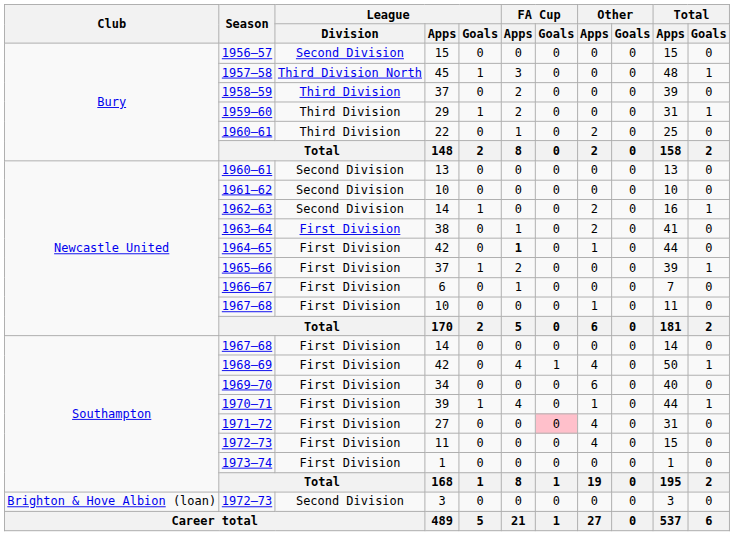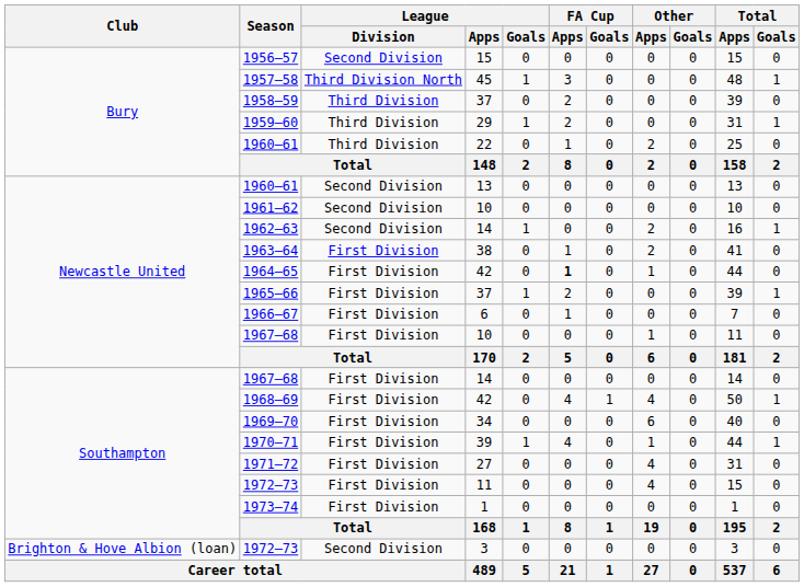 <table class="wikitable" style="text-align: center;">
 <tr>
 <th rowspan="2">Club</th>
 <th rowspan="2">Season</th>
 <th colspan="3">League</th>
 <th colspan="2">FA Cup</th>
 <th colspan="2">Other</th>
 <th colspan="2">Total</th>
 </tr>
 <tr>
 <th>Division</th>
 <th>Apps</th>
 <th>Goals</th>
 <th>Apps</th>
 <th>Goals</th>
 <th>Apps</th>
 <th>Goals</th>
 <th>Apps</th>
 <th>Goals</th>
 </tr>
 <tr>
 <td rowspan="6"><a href='#'>Bury</a></td>
 <td><a href='#'>1956–57</a></td>
 <td><a href='#'>Second Division</a></td>
 <td>15</td>
 <td>0</td>
 <td>0</td>
 <td>0</td>
 <td>0</td>
 <td>0</td>
 <td>15</td>
 <td>0</td>
 </tr>
 <tr>
 <td><a href='#'>1957–58</a></td>
 <td><a href='#'>Third Division North</a></td>
 <td>45</td>
 <td>1</td>
 <td>3</td>
 <td>0</td>
 <td>0</td>
 <td>0</td>
 <td>48</td>
 <td>1</td>
 </tr>
 <tr>
 <td><a href='#'>1958–59</a></td>
 <td><a href='#'>Third Division</a></td>
 <td>37</td>
 <td>0</td>
 <td>2</td>
 <td>0</td>
 <td>0</td>
 <td>0</td>
 <td>39</td>
 <td>0</td>
 </tr>
 <tr>
 <td><a href='#'>1959–60</a></td>
 <td>Third Division</td>
 <td>29</td>
 <td>1</td>
 <td>2</td>
 <td>0</td>
 <td>0</td>
 <td>0</td>
 <td>31</td>
 <td>1</td>
 </tr>
 <tr>
 <td><a href='#'>1960–61</a></td>
 <td>Third Division</td>
 <td>22</td>
 <td>0</td>
 <td>1</td>
 <td>0</td>
 <td>2</td>
 <td>0</td>
 <td>25</td>
 <td>0</td>
 </tr>
 <tr>
 <th colspan="2">Total</th>
 <th>148</th>
 <th>2</th>
 <th>8</th>
 <th>0</th>
 <th>2</th>
 <th>0</th>
 <th>158</th>
 <th>2</th>
 </tr>
 <tr>
 <td rowspan="9"><a href='#'>Newcastle United</a></td>
 <td><a href='#'>1960–61</a></td>
 <td>Second Division</td>
 <td>13</td>
 <td>0</td>
 <td>0</td>
 <td>0</td>
 <td>0</td>
 <td>0</td>
 <td>13</td>
 <td>0</td>
 </tr>
 <tr>
 <td><a href='#'>1961–62</a></td>
 <td>Second Division</td>
 <td>10</td>
 <td>0</td>
 <td>0</td>
 <td>0</td>
 <td>0</td>
 <td>0</td>
 <td>10</td>
 <td>0</td>
 </tr>
 <tr>
 <td><a href='#'>1962–63</a></td>
 <td>Second Division</td>
 <td>14</td>
 <td>1</td>
 <td>0</td>
 <td>0</td>
 <td>2</td>
 <td>0</td>
 <td>16</td>
 <td>1</td>
 </tr>
 <tr>
 <td><a href='#'>1963–64</a></td>
 <td><a href='#'>First Division</a></td>
 <td>38</td>
 <td>0</td>
 <td>1</td>
 <td>0</td>
 <td>2</td>
 <td>0</td>
 <td>41</td>
 <td>0</td>
 </tr>
 <tr>
 <td><a href='#'>1964–65</a></td>
 <td>First Division</td>
 <td>42</td>
 <td>0</td>
 <td><strong>1</strong></td>
 <td>0</td>
 <td>1</td>
 <td>0</td>
 <td>44</td>
 <td>0</td>
 </tr>
 <tr>
 <td><a href='#'>1965–66</a></td>
 <td>First Division</td>
 <td>37</td>
 <td>1</td>
 <td>2</td>
 <td>0</td>
 <td>0</td>
 <td>0</td>
 <td>39</td>
 <td>1</td>
 </tr>
 <tr>
 <td><a href='#'>1966–67</a></td>
 <td>First Division</td>
 <td>6</td>
 <td>0</td>
 <td>1</td>
 <td>0</td>
 <td>0</td>
 <td>0</td>
 <td>7</td>
 <td>0</td>
 </tr>
 <tr>
 <td><a href='#'>1967–68</a></td>
 <td>First Division</td>
 <td>10</td>
 <td>0</td>
 <td>0</td>
 <td>0</td>
 <td>1</td>
 <td>0</td>
 <td>11</td>
 <td>0</td>
 </tr>
 <tr>
 <th colspan="2">Total</th>
 <th>170</th>
 <th>2</th>
 <th>5</th>
 <th>0</th>
 <th>6</th>
 <th>0</th>
 <th>181</th>
 <th>2</th>
 </tr>
 <tr>
 <td rowspan="8"><a href='#'>Southampton</a></td>
 <td><a href='#'>1967–68</a></td>
 <td>First Division</td>
 <td>14</td>
 <td>0</td>
 <td>0</td>
 <td>0</td>
 <td>0</td>
 <td>0</td>
 <td>14</td>
 <td>0</td>
 </tr>
 <tr>
 <td><a href='#'>1968–69</a></td>
 <td>First Division</td>
 <td>42</td>
 <td>0</td>
 <td>4</td>
 <td>1</td>
 <td>4</td>
 <td>0</td>
 <td>50</td>
 <td>1</td>
 </tr>
 <tr>
 <td><a href='#'>1969–70</a></td>
 <td>First Division</td>
 <td>34</td>
 <td>0</td>
 <td>0</td>
 <td>0</td>
 <td>6</td>
 <td>0</td>
 <td>40</td>
 <td>0</td>
 </tr>
 <tr>
 <td><a href='#'>1970–71</a></td>
 <td>First Division</td>
 <td>39</td>
 <td>1</td>
 <td>4</td>
 <td>0</td>
 <td>1</td>
 <td>0</td>
 <td>44</td>
 <td>1</td>
 </tr>
 <tr>
 <td><a href='#'>1971–72</a></td>
 <td>First Division</td>
 <td>27</td>
 <td>0</td>
 <td>0</td>
-<td style="background: pink;">0</td>
+<td>0</td>
 <td>4</td>
 <td>0</td>
 <td>31</td>
 <td>0</td>
 </tr>
 <tr>
 <td><a href='#'>1972–73</a></td>
 <td>First Division</td>
 <td>11</td>
 <td>0</td>
 <td>0</td>
 <td>0</td>
 <td>4</td>
 <td>0</td>
 <td>15</td>
 <td>0</td>
 </tr>
 <tr>
 <td><a href='#'>1973–74</a></td>
 <td>First Division</td>
 <td>1</td>
 <td>0</td>
 <td>0</td>
 <td>0</td>
 <td>0</td>
 <td>0</td>
 <td>1</td>
 <td>0</td>
 </tr>
 <tr>
 <th colspan="2">Total</th>
 <th>168</th>
 <th>1</th>
 <th>8</th>
 <th>1</th>
 <th>19</th>
 <th>0</th>
 <th>195</th>
 <th>2</th>
 </tr>
 <tr>
 <td><a href='#'>Brighton & Hove Albion</a> (loan)</td>
 <td><a href='#'>1972–73</a></td>
 <td>Second Division</td>
 <td>3</td>
 <td>0</td>
 <td>0</td>
 <td>0</td>
 <td>0</td>
 <td>0</td>
 <td>3</td>
 <td>0</td>
 </tr>
 <tr>
 <th colspan="3">Career total</th>
 <th>489</th>
 <th>5</th>
 <th>21</th>
 <th>1</th>
 <th>27</th>
 <th>0</th>
 <th>537</th>
 <th>6</th>
 </tr>
 </table>
